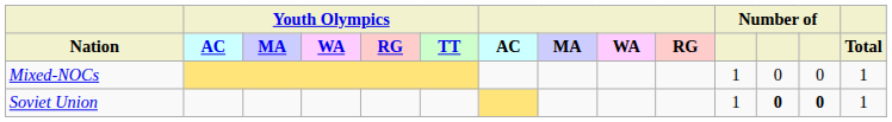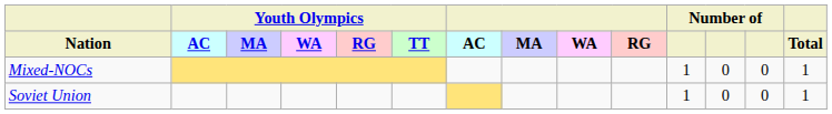 <table class="wikitable" style="margin-top:0em; text-align:center; font-size:95%;">
 <tr>
 <th colspan="1" style="background: #f2f2ce;"></th>
 <th colspan="5" style="background: #f2f2ce;"><a href='#'>Youth Olympics</a></th>
 <th colspan="4" style="background: #f2f2ce;"></th>
 <th colspan="3" style="background: #f2f2ce;"><strong>Number of</strong></th>
 <th style="background: #f2f2ce;"></th>
 </tr>
 <tr>
 <th style="background-color:#f2f2ce; width:10.0em;">Nation</th>
 <th style="background-color:#cff; width:3.0em;"><a href='#'>AC</a></th>
 <th style="background-color:#ccf; width:3.0em;"><a href='#'>MA</a></th>
 <th style="background-color:#fcf; width:3.0em;"><a href='#'>WA</a></th>
 <th style="background-color:#fcc; width:3.0em;"><a href='#'>RG</a></th>
 <th style="background-color:#cfc; width:3.0em;"><a href='#'>TT</a></th>
 <th style="background-color:#cff; width:3.0em;">AC</th>
 <th style="background-color:#ccf; width:3.0em;">MA</th>
 <th style="background-color:#fcf; width:3.0em;">WA</th>
 <th style="background-color:#fcc; width:3.0em;">RG</th>
 <th style="background-color:#f2f2ce; width:2.0em;;"></th>
 <th style="background-color:#f2f2ce; width:2.0em;;"></th>
 <th style="background-color:#f2f2ce; width:2.0em;;"></th>
 <th style="background-color:#f2f2ce; width:2.0em;;"><strong>Total</strong></th>
 </tr>
 <tr>
 <td align=left><em> <a href='#'>Mixed-NOCs</a></em></td>
 <td colspan=5 style="background-color:#FFE47A;"></td>
 <td></td>
 <td></td>
 <td></td>
 <td></td>
 <td>1</td>
 <td>0</td>
 <td>0</td>
 <td>1</td>
 </tr>
 <tr>
 <td align=left> <em><a href='#'>Soviet Union</a></em></td>
 <td></td>
 <td></td>
 <td></td>
 <td></td>
 <td></td>
 <td style="background-color:#FFE47A;"></td>
 <td></td>
 <td></td>
 <td></td>
 <td>1</td>
-<td><strong>0</strong></td>
-<td><strong>0</strong></td>
+<td>0</td>
+<td>0</td>
 <td>1</td>
 </tr>
 </table>
